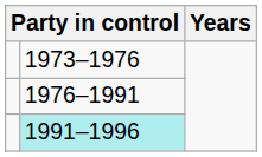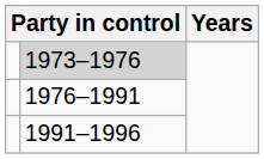 <table class="wikitable">
 <tr>
 <th colspan="2">Party in control</th>
 <th>Years</th>
 </tr>
 <tr>
 <td></td>
-<td>1973–1976</td>
+<td style="background: lightgrey;">1973–1976</td>
 </tr>
 <tr>
 <td></td>
 <td>1976–1991</td>
 </tr>
 <tr>
 <td></td>
-<td style="background: paleturquoise;">1991–1996</td>
+<td>1991–1996</td>
 </tr>
 </table>
